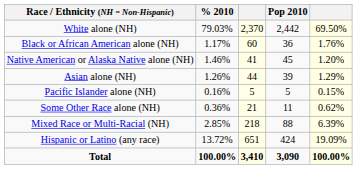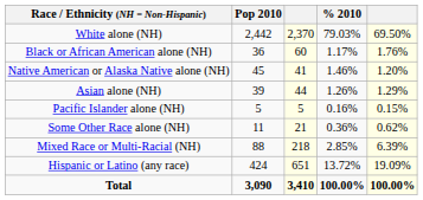 <table class="wikitable" style="text-align:center;">
 <tr>
 <th>Race / Ethnicity <small>(<em>NH = Non-Hispanic</em>)</small></th>
+<th>Pop 2010</th>
+<th></th>
 <th>% 2010</th>
-<th></th>
-<th>Pop 2010</th>
 <th></th>
 </tr>
 <tr>
 <td><a href='#'>White</a> alone (NH)</td>
+<td>2,442</td>
+<td style='background: #ffffe6;'>2,370</td>
 <td>79.03%</td>
-<td style='background: #ffffe6;'>2,370</td>
-<td>2,442</td>
 <td style='background: #ffffe6;'>69.50%</td>
 </tr>
 <tr>
 <td><a href='#'>Black or African American</a> alone (NH)</td>
+<td>36</td>
+<td style='background: #ffffe6;'>60</td>
 <td>1.17%</td>
-<td style='background: #ffffe6;'>60</td>
-<td>36</td>
 <td style='background: #ffffe6;'>1.76%</td>
 </tr>
 <tr>
 <td><a href='#'>Native American</a> or <a href='#'>Alaska Native</a> alone (NH)</td>
+<td>45</td>
+<td style='background: #ffffe6;'>41</td>
 <td>1.46%</td>
-<td style='background: #ffffe6;'>41</td>
-<td>45</td>
 <td style='background: #ffffe6;'>1.20%</td>
 </tr>
 <tr>
 <td><a href='#'>Asian</a> alone (NH)</td>
+<td>39</td>
+<td style='background: #ffffe6;'>44</td>
 <td>1.26%</td>
-<td style='background: #ffffe6;'>44</td>
-<td>39</td>
 <td style='background: #ffffe6;'>1.29%</td>
 </tr>
 <tr>
 <td><a href='#'>Pacific Islander</a> alone (NH)</td>
+<td>5</td>
+<td style='background: #ffffe6;'>5</td>
 <td>0.16%</td>
-<td style='background: #ffffe6;'>5</td>
-<td>5</td>
 <td style='background: #ffffe6;'>0.15%</td>
 </tr>
 <tr>
 <td><a href='#'>Some Other Race</a> alone (NH)</td>
+<td>11</td>
+<td style='background: #ffffe6;'>21</td>
 <td>0.36%</td>
-<td style='background: #ffffe6;'>21</td>
-<td>11</td>
 <td style='background: #ffffe6;'>0.62%</td>
 </tr>
 <tr>
 <td><a href='#'>Mixed Race or Multi-Racial</a> (NH)</td>
+<td>88</td>
+<td style='background: #ffffe6;'>218</td>
 <td>2.85%</td>
-<td style='background: #ffffe6;'>218</td>
-<td>88</td>
 <td style='background: #ffffe6;'>6.39%</td>
 </tr>
 <tr>
 <td><a href='#'>Hispanic or Latino</a> (any race)</td>
+<td>424</td>
+<td style='background: #ffffe6;'>651</td>
 <td>13.72%</td>
-<td style='background: #ffffe6;'>651</td>
-<td>424</td>
 <td style='background: #ffffe6;'>19.09%</td>
 </tr>
 <tr>
 <td><strong>Total</strong></td>
+<td><strong>3,090</strong></td>
+<td style='background: #ffffe6;'><strong>3,410</strong></td>
 <td><strong>100.00%</strong></td>
-<td style='background: #ffffe6;'><strong>3,410</strong></td>
-<td><strong>3,090</strong></td>
 <td style='background: #ffffe6;'><strong>100.00%</strong></td>
 </tr>
 </table>
